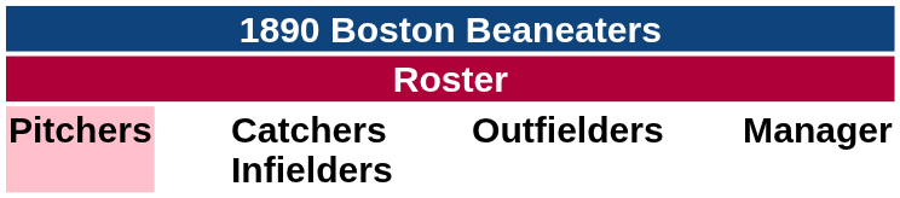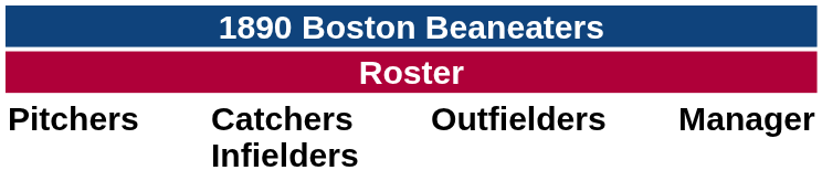 <table class="toccolours" style="font-size: 95%;">
 <tr>
 <th colspan="10" style="background-color: #0f437c; color: white; text-align: center;">1890 Boston Beaneaters</th>
 </tr>
 <tr>
 <td colspan="10" style="background-color: #af0039; color: white; text-align: center;"><strong>Roster</strong></td>
 </tr>
 <tr>
-<td valign="top" style="background: pink;"><strong>Pitchers</strong><br>     </td>
+<td valign="top"><strong>Pitchers</strong><br>     </td>
 <td width="25px"></td>
 <td valign="top"><strong>Catchers</strong><br>   <strong>Infielders</strong>     </td>
 <td width="25px"></td>
 <td valign="top"><strong>Outfielders</strong><br>    </td>
 <td width="25px"></td>
 <td valign="top"><strong>Manager</strong><br></td>
 </tr>
 </table>
